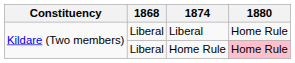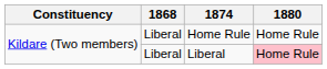 <table class="wikitable">
 <tr>
 <th>Constituency</th>
 <th>1868</th>
 <th>1874</th>
 <th>1880</th>
 </tr>
 <tr>
 <td rowspan="2"><a href='#'>Kildare</a> (Two members)</td>
 <td>Liberal</td>
-<td>Liberal</td>
+<td>Home Rule</td>
 <td>Home Rule</td>
 </tr>
 <tr>
 <td>Liberal</td>
-<td>Home Rule</td>
+<td>Liberal</td>
 <td style="background: pink;">Home Rule</td>
 </tr>
 </table>
